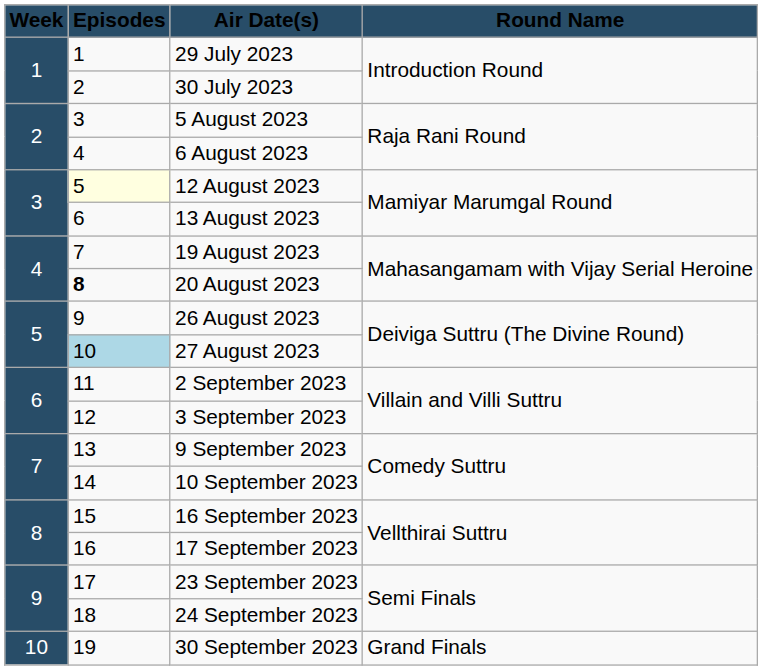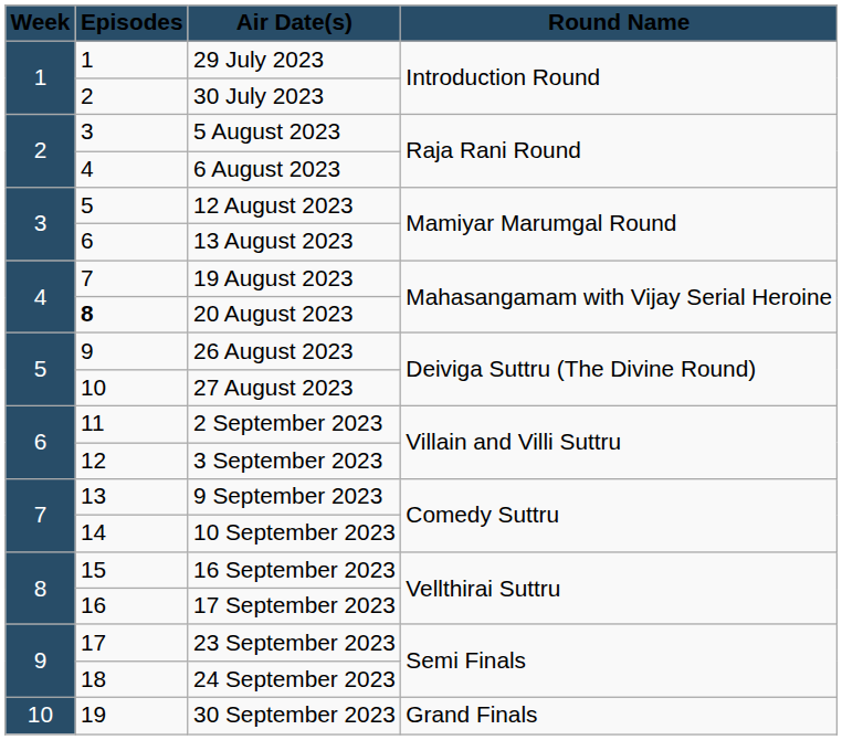 <table class="wikitable" style="align:center;">
 <tr>
 <th scope="col" style="background:#284D68;"style="background:#284D68;color:white">Week</th>
 <th scope="col" style="background:#284D68;"style="background:#284D68;color:white">Episodes</th>
 <th scope="col" style="background:#284D68;"style="background:#284D68;color:white">Air Date(s)</th>
 <th scope="col" style="background:#284D68;"style="background:#284D68;color:white">Round Name</th>
 </tr>
 <tr>
 <td rowspan="2" style="text-align:center;background:#284D68;color:white">1</td>
 <td>1</td>
 <td>29 July 2023</td>
 <td rowspan="2">Introduction Round</td>
 </tr>
 <tr>
 <td>2</td>
 <td>30 July 2023</td>
 </tr>
 <tr>
 <td rowspan="2" style="text-align:center;background:#284D68;color:white">2</td>
 <td>3</td>
 <td>5 August 2023</td>
 <td rowspan="2">Raja Rani Round</td>
 </tr>
 <tr>
 <td>4</td>
 <td>6 August 2023</td>
 </tr>
 <tr>
 <td rowspan="2" style="text-align:center;background:#284D68;color:white">3</td>
-<td style="background: lightyellow;">5</td>
+<td>5</td>
 <td>12 August 2023</td>
 <td rowspan="2">Mamiyar Marumgal Round</td>
 </tr>
 <tr>
 <td>6</td>
 <td>13 August 2023</td>
 </tr>
 <tr>
 <td rowspan="2" style="text-align:center;background:#284D68;color:white">4</td>
 <td>7</td>
 <td>19 August 2023</td>
 <td rowspan="2">Mahasangamam with Vijay Serial Heroine</td>
 </tr>
 <tr>
 <td><strong>8</strong></td>
 <td>20 August 2023</td>
 </tr>
 <tr>
 <td rowspan="2" style="text-align:center;background:#284D68;color:white">5</td>
 <td>9</td>
 <td>26 August 2023</td>
 <td rowspan="2">Deiviga Suttru (The Divine Round)</td>
 </tr>
 <tr>
-<td style="background: lightblue;">10</td>
+<td>10</td>
 <td>27 August 2023</td>
 </tr>
 <tr>
 <td rowspan="2" style="text-align:center;background:#284D68;color:white">6</td>
 <td>11</td>
 <td>2 September 2023</td>
 <td rowspan="2">Villain and Villi Suttru</td>
 </tr>
 <tr>
 <td>12</td>
 <td>3 September 2023</td>
 </tr>
 <tr>
 <td rowspan="2" style="text-align:center;background:#284D68;color:white">7</td>
 <td>13</td>
 <td>9 September 2023</td>
 <td rowspan="2">Comedy Suttru</td>
 </tr>
 <tr>
 <td>14</td>
 <td>10 September 2023</td>
 </tr>
 <tr>
 <td rowspan="2" style="text-align:center;background:#284D68;color:white">8</td>
 <td>15</td>
 <td>16 September 2023</td>
 <td rowspan="2">Vellthirai Suttru</td>
 </tr>
 <tr>
 <td>16</td>
 <td>17 September 2023</td>
 </tr>
 <tr>
 <td rowspan="2" style="text-align:center;background:#284D68;color:white">9</td>
 <td>17</td>
 <td>23 September 2023</td>
 <td rowspan="2">Semi Finals</td>
 </tr>
 <tr>
 <td>18</td>
 <td>24 September 2023</td>
 </tr>
 <tr>
 <td rowspan="1" style="text-align:center;background:#284D68;color:white">10</td>
 <td>19</td>
 <td>30 September 2023</td>
 <td>Grand Finals</td>
 </tr>
 </table>
